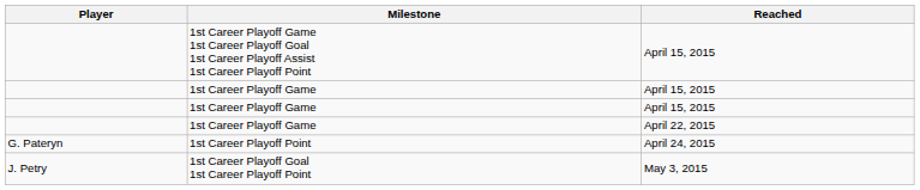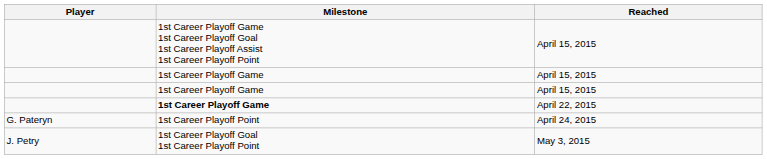 <table class="wikitable sortable" style="width:100%;">
 <tr align=center>
 <th style="width:20%;">Player</th>
 <th style="width:50%;">Milestone</th>
 <th style="width:30%;" data-sort-type="date">Reached</th>
 </tr>
 <tr>
 <td></td>
 <td>1st Career Playoff Game<br>1st Career Playoff Goal<br>1st Career Playoff Assist<br>1st Career Playoff Point</td>
 <td>April 15, 2015</td>
 </tr>
 <tr>
 <td></td>
 <td>1st Career Playoff Game</td>
 <td>April 15, 2015</td>
 </tr>
 <tr>
 <td></td>
 <td>1st Career Playoff Game</td>
 <td>April 15, 2015</td>
 </tr>
 <tr>
 <td></td>
-<td>1st Career Playoff Game</td>
+<td><strong>1st Career Playoff Game</strong></td>
 <td>April 22, 2015</td>
 </tr>
 <tr>
 <td>G. Pateryn</td>
 <td>1st Career Playoff Point</td>
 <td>April 24, 2015</td>
 </tr>
 <tr>
 <td>J. Petry</td>
 <td>1st Career Playoff Goal<br>1st Career Playoff Point</td>
 <td>May 3, 2015</td>
 </tr>
 </table>
